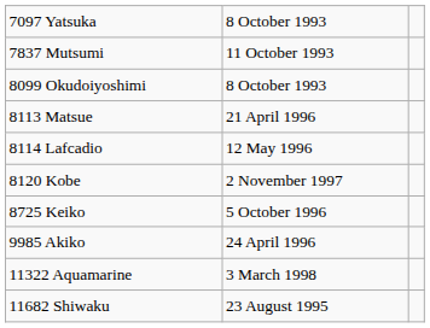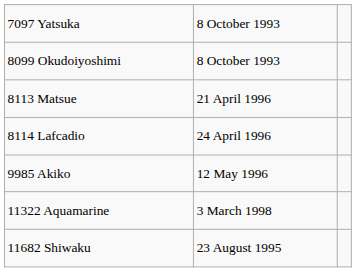 <table class="wikitable" style="font-size: 89%; float: left; width: 26em; margin-right: 1em; height: 280px;">
 <tr>
 <td>7097 Yatsuka</td>
 <td>8 October 1993</td>
-<td> </td>
-</tr>
-<tr>
-<td>7837 Mutsumi</td>
-<td>11 October 1993</td>
 <td> </td>
 </tr>
 <tr>
 <td>8099 Okudoiyoshimi</td>
 <td>8 October 1993</td>
 <td> </td>
 </tr>
 <tr>
 <td>8113 Matsue</td>
 <td>21 April 1996</td>
 <td> </td>
 </tr>
 <tr>
 <td>8114 Lafcadio</td>
-<td>12 May 1996</td>
-<td></td>
-</tr>
-<tr>
-<td>8120 Kobe</td>
-<td>2 November 1997</td>
-<td></td>
-</tr>
-<tr>
-<td>8725 Keiko</td>
-<td>5 October 1996</td>
+<td>24 April 1996</td>
 <td></td>
 </tr>
 <tr>
 <td>9985 Akiko</td>
-<td>24 April 1996</td>
+<td>12 May 1996</td>
 <td> </td>
 </tr>
 <tr>
 <td>11322 Aquamarine</td>
 <td>3 March 1998</td>
 <td></td>
 </tr>
 <tr>
 <td>11682 Shiwaku</td>
 <td>23 August 1995</td>
 <td></td>
 </tr>
 </table>
